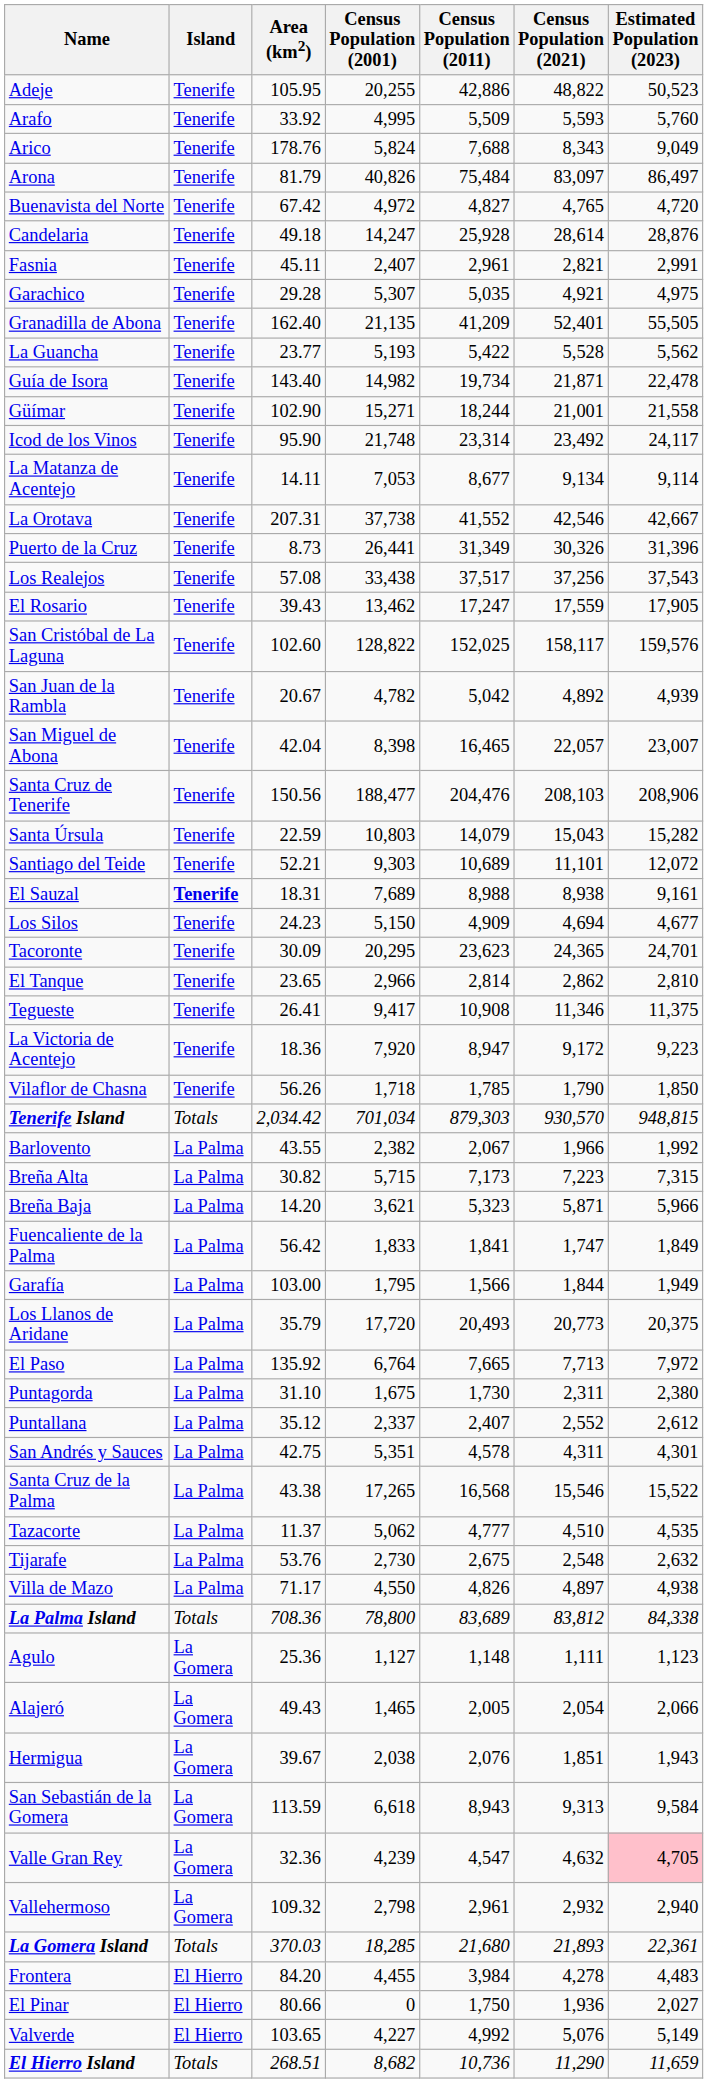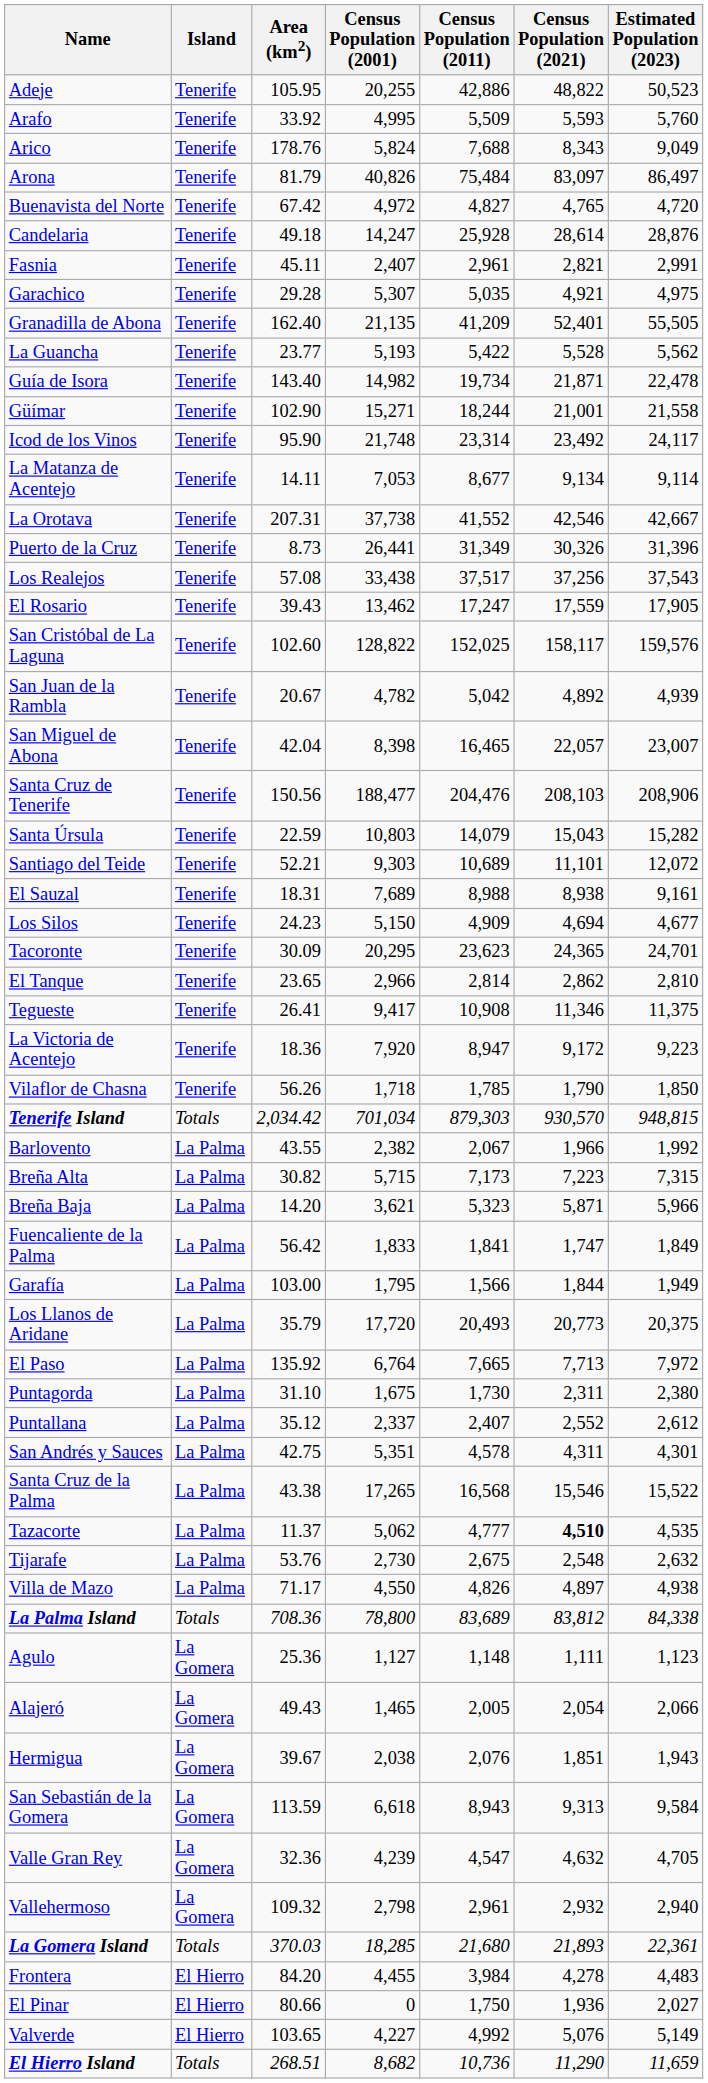 <table class="wikitable sortable">
 <tr>
 <th>Name</th>
 <th>Island</th>
 <th>Area<br>(km<sup>2</sup>)</th>
 <th>Census<br>Population<br>(2001)</th>
 <th>Census<br>Population<br>(2011)</th>
 <th>Census<br>Population<br>(2021)</th>
 <th>Estimated<br>Population<br>(2023)</th>
 </tr>
 <tr>
 <td><a href='#'>Adeje</a></td>
 <td><a href='#'>Tenerife</a></td>
 <td align="right">105.95</td>
 <td align="right">20,255</td>
 <td align="right">42,886</td>
 <td align="right">48,822</td>
 <td align="right">50,523</td>
 </tr>
 <tr>
 <td><a href='#'>Arafo</a></td>
 <td><a href='#'>Tenerife</a></td>
 <td align="right">33.92</td>
 <td align="right">4,995</td>
 <td align="right">5,509</td>
 <td align="right">5,593</td>
 <td align="right">5,760</td>
 </tr>
 <tr>
 <td><a href='#'>Arico</a></td>
 <td><a href='#'>Tenerife</a></td>
 <td align="right">178.76</td>
 <td align="right">5,824</td>
 <td align="right">7,688</td>
 <td align="right">8,343</td>
 <td align="right">9,049</td>
 </tr>
 <tr>
 <td><a href='#'>Arona</a></td>
 <td><a href='#'>Tenerife</a></td>
 <td align="right">81.79</td>
 <td align="right">40,826</td>
 <td align="right">75,484</td>
 <td align="right">83,097</td>
 <td align="right">86,497</td>
 </tr>
 <tr>
 <td><a href='#'>Buenavista del Norte</a></td>
 <td><a href='#'>Tenerife</a></td>
 <td align="right">67.42</td>
 <td align="right">4,972</td>
 <td align="right">4,827</td>
 <td align="right">4,765</td>
 <td align="right">4,720</td>
 </tr>
 <tr>
 <td><a href='#'>Candelaria</a></td>
 <td><a href='#'>Tenerife</a></td>
 <td align="right">49.18</td>
 <td align="right">14,247</td>
 <td align="right">25,928</td>
 <td align="right">28,614</td>
 <td align="right">28,876</td>
 </tr>
 <tr>
 <td><a href='#'>Fasnia</a></td>
 <td><a href='#'>Tenerife</a></td>
 <td align="right">45.11</td>
 <td align="right">2,407</td>
 <td align="right">2,961</td>
 <td align="right">2,821</td>
 <td align="right">2,991</td>
 </tr>
 <tr>
 <td><a href='#'>Garachico</a></td>
 <td><a href='#'>Tenerife</a></td>
 <td align="right">29.28</td>
 <td align="right">5,307</td>
 <td align="right">5,035</td>
 <td align="right">4,921</td>
 <td align="right">4,975</td>
 </tr>
 <tr>
 <td><a href='#'>Granadilla de Abona</a></td>
 <td><a href='#'>Tenerife</a></td>
 <td align="right">162.40</td>
 <td align="right">21,135</td>
 <td align="right">41,209</td>
 <td align="right">52,401</td>
 <td align="right">55,505</td>
 </tr>
 <tr>
 <td><a href='#'>La Guancha</a></td>
 <td><a href='#'>Tenerife</a></td>
 <td align="right">23.77</td>
 <td align="right">5,193</td>
 <td align="right">5,422</td>
 <td align="right">5,528</td>
 <td align="right">5,562</td>
 </tr>
 <tr>
 <td><a href='#'>Guía de Isora</a></td>
 <td><a href='#'>Tenerife</a></td>
 <td align="right">143.40</td>
 <td align="right">14,982</td>
 <td align="right">19,734</td>
 <td align="right">21,871</td>
 <td align="right">22,478</td>
 </tr>
 <tr>
 <td><a href='#'>Güímar</a></td>
 <td><a href='#'>Tenerife</a></td>
 <td align="right">102.90</td>
 <td align="right">15,271</td>
 <td align="right">18,244</td>
 <td align="right">21,001</td>
 <td align="right">21,558</td>
 </tr>
 <tr>
 <td><a href='#'>Icod de los Vinos</a></td>
 <td><a href='#'>Tenerife</a></td>
 <td align="right">95.90</td>
 <td align="right">21,748</td>
 <td align="right">23,314</td>
 <td align="right">23,492</td>
 <td align="right">24,117</td>
 </tr>
 <tr>
 <td><a href='#'>La Matanza de Acentejo</a></td>
 <td><a href='#'>Tenerife</a></td>
 <td align="right">14.11</td>
 <td align="right">7,053</td>
 <td align="right">8,677</td>
 <td align="right">9,134</td>
 <td align="right">9,114</td>
 </tr>
 <tr>
 <td><a href='#'>La Orotava</a></td>
 <td><a href='#'>Tenerife</a></td>
 <td align="right">207.31</td>
 <td align="right">37,738</td>
 <td align="right">41,552</td>
 <td align="right">42,546</td>
 <td align="right">42,667</td>
 </tr>
 <tr>
 <td><a href='#'>Puerto de la Cruz</a></td>
 <td><a href='#'>Tenerife</a></td>
 <td align="right">8.73</td>
 <td align="right">26,441</td>
 <td align="right">31,349</td>
 <td align="right">30,326</td>
 <td align="right">31,396</td>
 </tr>
 <tr>
 <td><a href='#'>Los Realejos</a></td>
 <td><a href='#'>Tenerife</a></td>
 <td align="right">57.08</td>
 <td align="right">33,438</td>
 <td align="right">37,517</td>
 <td align="right">37,256</td>
 <td align="right">37,543</td>
 </tr>
 <tr>
 <td><a href='#'>El Rosario</a></td>
 <td><a href='#'>Tenerife</a></td>
 <td align="right">39.43</td>
 <td align="right">13,462</td>
 <td align="right">17,247</td>
 <td align="right">17,559</td>
 <td align="right">17,905</td>
 </tr>
 <tr>
 <td><a href='#'>San Cristóbal de La Laguna</a></td>
 <td><a href='#'>Tenerife</a></td>
 <td align="right">102.60</td>
 <td align="right">128,822</td>
 <td align="right">152,025</td>
 <td align="right">158,117</td>
 <td align="right">159,576</td>
 </tr>
 <tr>
 <td><a href='#'>San Juan de la Rambla</a></td>
 <td><a href='#'>Tenerife</a></td>
 <td align="right">20.67</td>
 <td align="right">4,782</td>
 <td align="right">5,042</td>
 <td align="right">4,892</td>
 <td align="right">4,939</td>
 </tr>
 <tr>
 <td><a href='#'>San Miguel de Abona</a></td>
 <td><a href='#'>Tenerife</a></td>
 <td align="right">42.04</td>
 <td align="right">8,398</td>
 <td align="right">16,465</td>
 <td align="right">22,057</td>
 <td align="right">23,007</td>
 </tr>
 <tr>
 <td><a href='#'>Santa Cruz de Tenerife</a></td>
 <td><a href='#'>Tenerife</a></td>
 <td align="right">150.56</td>
 <td align="right">188,477</td>
 <td align="right">204,476</td>
 <td align="right">208,103</td>
 <td align="right">208,906</td>
 </tr>
 <tr>
 <td><a href='#'>Santa Úrsula</a></td>
 <td><a href='#'>Tenerife</a></td>
 <td align="right">22.59</td>
 <td align="right">10,803</td>
 <td align="right">14,079</td>
 <td align="right">15,043</td>
 <td align="right">15,282</td>
 </tr>
 <tr>
 <td><a href='#'>Santiago del Teide</a></td>
 <td><a href='#'>Tenerife</a></td>
 <td align="right">52.21</td>
 <td align="right">9,303</td>
 <td align="right">10,689</td>
 <td align="right">11,101</td>
 <td align="right">12,072</td>
 </tr>
 <tr>
 <td><a href='#'>El Sauzal</a></td>
-<td><strong><a href='#'>Tenerife</a></strong></td>
+<td><a href='#'>Tenerife</a></td>
 <td align="right">18.31</td>
 <td align="right">7,689</td>
 <td align="right">8,988</td>
 <td align="right">8,938</td>
 <td align="right">9,161</td>
 </tr>
 <tr>
 <td><a href='#'>Los Silos</a></td>
 <td><a href='#'>Tenerife</a></td>
 <td align="right">24.23</td>
 <td align="right">5,150</td>
 <td align="right">4,909</td>
 <td align="right">4,694</td>
 <td align="right">4,677</td>
 </tr>
 <tr>
 <td><a href='#'>Tacoronte</a></td>
 <td><a href='#'>Tenerife</a></td>
 <td align="right">30.09</td>
 <td align="right">20,295</td>
 <td align="right">23,623</td>
 <td align="right">24,365</td>
 <td align="right">24,701</td>
 </tr>
 <tr>
 <td><a href='#'>El Tanque</a></td>
 <td><a href='#'>Tenerife</a></td>
 <td align="right">23.65</td>
 <td align="right">2,966</td>
 <td align="right">2,814</td>
 <td align="right">2,862</td>
 <td align="right">2,810</td>
 </tr>
 <tr>
 <td><a href='#'>Tegueste</a></td>
 <td><a href='#'>Tenerife</a></td>
 <td align="right">26.41</td>
 <td align="right">9,417</td>
 <td align="right">10,908</td>
 <td align="right">11,346</td>
 <td align="right">11,375</td>
 </tr>
 <tr>
 <td><a href='#'>La Victoria de Acentejo</a></td>
 <td><a href='#'>Tenerife</a></td>
 <td align="right">18.36</td>
 <td align="right">7,920</td>
 <td align="right">8,947</td>
 <td align="right">9,172</td>
 <td align="right">9,223</td>
 </tr>
 <tr>
 <td><a href='#'>Vilaflor de Chasna</a></td>
 <td><a href='#'>Tenerife</a></td>
 <td align="right">56.26</td>
 <td align="right">1,718</td>
 <td align="right">1,785</td>
 <td align="right">1,790</td>
 <td align="right">1,850</td>
 </tr>
 <tr>
 <td><strong><em><a href='#'>Tenerife</a> Island</em></strong></td>
 <td><em>Totals</em></td>
 <td align="right"><em>2,034.42</em></td>
 <td align="right"><em>701,034</em></td>
 <td align="right"><em>879,303</em></td>
 <td align="right"><em>930,570</em></td>
 <td align="right"><em>948,815</em></td>
 </tr>
 <tr>
 <td><a href='#'>Barlovento</a></td>
 <td><a href='#'>La Palma</a></td>
 <td align="right">43.55</td>
 <td align="right">2,382</td>
 <td align="right">2,067</td>
 <td align="right">1,966</td>
 <td align="right">1,992</td>
 </tr>
 <tr>
 <td><a href='#'>Breña Alta</a></td>
 <td><a href='#'>La Palma</a></td>
 <td align="right">30.82</td>
 <td align="right">5,715</td>
 <td align="right">7,173</td>
 <td align="right">7,223</td>
 <td align="right">7,315</td>
 </tr>
 <tr>
 <td><a href='#'>Breña Baja</a></td>
 <td><a href='#'>La Palma</a></td>
 <td align="right">14.20</td>
 <td align="right">3,621</td>
 <td align="right">5,323</td>
 <td align="right">5,871</td>
 <td align="right">5,966</td>
 </tr>
 <tr>
 <td><a href='#'>Fuencaliente de la Palma</a></td>
 <td><a href='#'>La Palma</a></td>
 <td align="right">56.42</td>
 <td align="right">1,833</td>
 <td align="right">1,841</td>
 <td align="right">1,747</td>
 <td align="right">1,849</td>
 </tr>
 <tr>
 <td><a href='#'>Garafía</a></td>
 <td><a href='#'>La Palma</a></td>
 <td align="right">103.00</td>
 <td align="right">1,795</td>
 <td align="right">1,566</td>
 <td align="right">1,844</td>
 <td align="right">1,949</td>
 </tr>
 <tr>
 <td><a href='#'>Los Llanos de Aridane</a></td>
 <td><a href='#'>La Palma</a></td>
 <td align="right">35.79</td>
 <td align="right">17,720</td>
 <td align="right">20,493</td>
 <td align="right">20,773</td>
 <td align="right">20,375</td>
 </tr>
 <tr>
 <td><a href='#'>El Paso</a></td>
 <td><a href='#'>La Palma</a></td>
 <td align="right">135.92</td>
 <td align="right">6,764</td>
 <td align="right">7,665</td>
 <td align="right">7,713</td>
 <td align="right">7,972</td>
 </tr>
 <tr>
 <td><a href='#'>Puntagorda</a></td>
 <td><a href='#'>La Palma</a></td>
 <td align="right">31.10</td>
 <td align="right">1,675</td>
 <td align="right">1,730</td>
 <td align="right">2,311</td>
 <td align="right">2,380</td>
 </tr>
 <tr>
 <td><a href='#'>Puntallana</a></td>
 <td><a href='#'>La Palma</a></td>
 <td align="right">35.12</td>
 <td align="right">2,337</td>
 <td align="right">2,407</td>
 <td align="right">2,552</td>
 <td align="right">2,612</td>
 </tr>
 <tr>
 <td><a href='#'>San Andrés y Sauces</a></td>
 <td><a href='#'>La Palma</a></td>
 <td align="right">42.75</td>
 <td align="right">5,351</td>
 <td align="right">4,578</td>
 <td align="right">4,311</td>
 <td align="right">4,301</td>
 </tr>
 <tr>
 <td><a href='#'>Santa Cruz de la Palma</a></td>
 <td><a href='#'>La Palma</a></td>
 <td align="right">43.38</td>
 <td align="right">17,265</td>
 <td align="right">16,568</td>
 <td align="right">15,546</td>
 <td align="right">15,522</td>
 </tr>
 <tr>
 <td><a href='#'>Tazacorte</a></td>
 <td><a href='#'>La Palma</a></td>
 <td align="right">11.37</td>
 <td align="right">5,062</td>
 <td align="right">4,777</td>
-<td align="right">4,510</td>
+<td align="right"><strong>4,510</strong></td>
 <td align="right">4,535</td>
 </tr>
 <tr>
 <td><a href='#'>Tijarafe</a></td>
 <td><a href='#'>La Palma</a></td>
 <td align="right">53.76</td>
 <td align="right">2,730</td>
 <td align="right">2,675</td>
 <td align="right">2,548</td>
 <td align="right">2,632</td>
 </tr>
 <tr>
 <td><a href='#'>Villa de Mazo</a></td>
 <td><a href='#'>La Palma</a></td>
 <td align="right">71.17</td>
 <td align="right">4,550</td>
 <td align="right">4,826</td>
 <td align="right">4,897</td>
 <td align="right">4,938</td>
 </tr>
 <tr>
 <td><strong><em><a href='#'>La Palma</a> Island</em></strong></td>
 <td><em>Totals</em></td>
 <td align="right"><em>708.36</em></td>
 <td align="right"><em>78,800</em></td>
 <td align="right"><em>83,689</em></td>
 <td align="right"><em>83,812</em></td>
 <td align="right"><em>84,338</em></td>
 </tr>
 <tr>
 <td><a href='#'>Agulo</a></td>
 <td><a href='#'>La Gomera</a></td>
 <td align="right">25.36</td>
 <td align="right">1,127</td>
 <td align="right">1,148</td>
 <td align="right">1,111</td>
 <td align="right">1,123</td>
 </tr>
 <tr>
 <td><a href='#'>Alajeró</a></td>
 <td><a href='#'>La Gomera</a></td>
 <td align="right">49.43</td>
 <td align="right">1,465</td>
 <td align="right">2,005</td>
 <td align="right">2,054</td>
 <td align="right">2,066</td>
 </tr>
 <tr>
 <td><a href='#'>Hermigua</a></td>
 <td><a href='#'>La Gomera</a></td>
 <td align="right">39.67</td>
 <td align="right">2,038</td>
 <td align="right">2,076</td>
 <td align="right">1,851</td>
 <td align="right">1,943</td>
 </tr>
 <tr>
 <td><a href='#'>San Sebastián de la Gomera</a></td>
 <td><a href='#'>La Gomera</a></td>
 <td align="right">113.59</td>
 <td align="right">6,618</td>
 <td align="right">8,943</td>
 <td align="right">9,313</td>
 <td align="right">9,584</td>
 </tr>
 <tr>
 <td><a href='#'>Valle Gran Rey</a></td>
 <td><a href='#'>La Gomera</a></td>
 <td align="right">32.36</td>
 <td align="right">4,239</td>
 <td align="right">4,547</td>
 <td align="right">4,632</td>
-<td align="right" style="background: pink;">4,705</td>
+<td align="right">4,705</td>
 </tr>
 <tr>
 <td><a href='#'>Vallehermoso</a></td>
 <td><a href='#'>La Gomera</a></td>
 <td align="right">109.32</td>
 <td align="right">2,798</td>
 <td align="right">2,961</td>
 <td align="right">2,932</td>
 <td align="right">2,940</td>
 </tr>
 <tr>
 <td><strong><em><a href='#'>La Gomera</a> Island</em></strong></td>
 <td><em>Totals</em></td>
 <td align="right"><em>370.03</em></td>
 <td align="right"><em>18,285</em></td>
 <td align="right"><em>21,680</em></td>
 <td align="right"><em>21,893</em></td>
 <td align="right"><em>22,361</em></td>
 </tr>
 <tr>
 <td><a href='#'>Frontera</a></td>
 <td><a href='#'>El Hierro</a></td>
 <td align="right">84.20</td>
 <td align="right">4,455</td>
 <td align="right">3,984</td>
 <td align="right">4,278</td>
 <td align="right">4,483</td>
 </tr>
 <tr>
 <td><a href='#'>El Pinar</a></td>
 <td><a href='#'>El Hierro</a></td>
 <td align="right">80.66</td>
 <td align="right">0</td>
 <td align="right">1,750</td>
 <td align="right">1,936</td>
 <td align="right">2,027</td>
 </tr>
 <tr>
 <td><a href='#'>Valverde</a></td>
 <td><a href='#'>El Hierro</a></td>
 <td align="right">103.65</td>
 <td align="right">4,227</td>
 <td align="right">4,992</td>
 <td align="right">5,076</td>
 <td align="right">5,149</td>
 </tr>
 <tr>
 <td><strong><em><a href='#'>El Hierro</a> Island</em></strong></td>
 <td><em>Totals</em></td>
 <td align="right"><em>268.51</em></td>
 <td align="right"><em>8,682</em></td>
 <td align="right"><em>10,736</em></td>
 <td align="right"><em>11,290</em></td>
 <td align="right"><em>11,659</em></td>
 </tr>
 </table>
